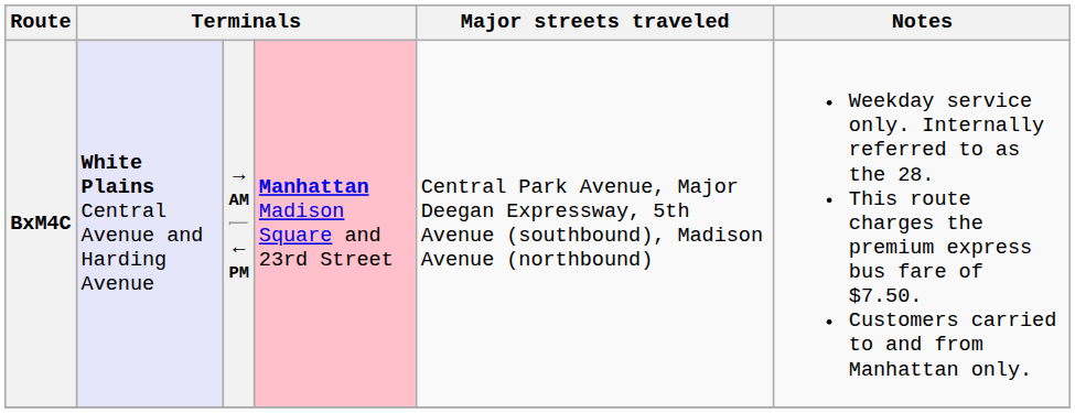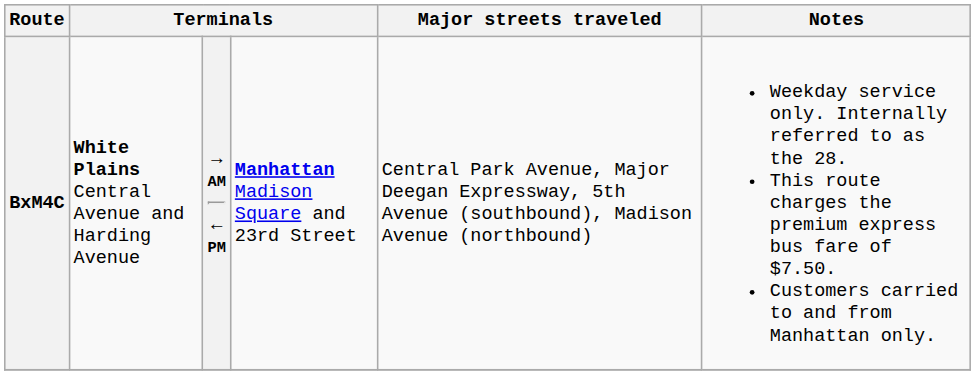 <table class=wikitable style="font-size: 90%;" |>
 <tr>
 <th>Route</th>
 <th colspan=3>Terminals</th>
 <th width=200px>Major streets traveled</th>
 <th>Notes</th>
 </tr>
 <tr>
 <th>BxM4C<br></th>
-<td style="background: lavender;"><strong>White Plains</strong><br>Central Avenue and Harding Avenue</td>
+<td><strong>White Plains</strong><br>Central Avenue and Harding Avenue</td>
 <th><div><span>→</span><br><small>AM</small><hr><span>←</span><br><small>PM</small></div></th>
-<td style="background: pink;"><strong><a href='#'>Manhattan</a></strong><br><a href='#'>Madison Square</a> and 23rd Street</td>
+<td><strong><a href='#'>Manhattan</a></strong><br><a href='#'>Madison Square</a> and 23rd Street</td>
 <td>Central Park Avenue, Major Deegan Expressway, 5th Avenue (southbound), Madison Avenue (northbound)</td>
 <td><br><ul><li>Weekday service only. Internally referred to as the 28.</li><li>This route charges the premium express bus fare of $7.50.</li><li>Customers carried to and from Manhattan only.</li></ul></td>
 </tr>
 <tr>
 </tr>
 </table>
